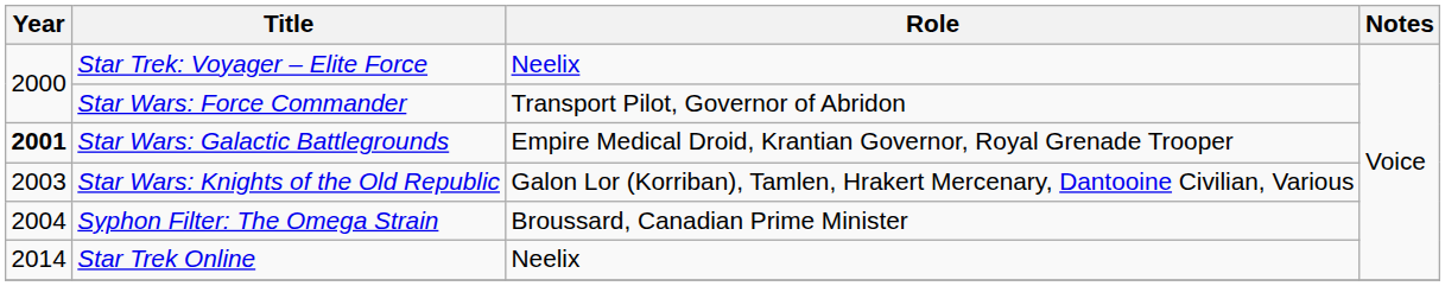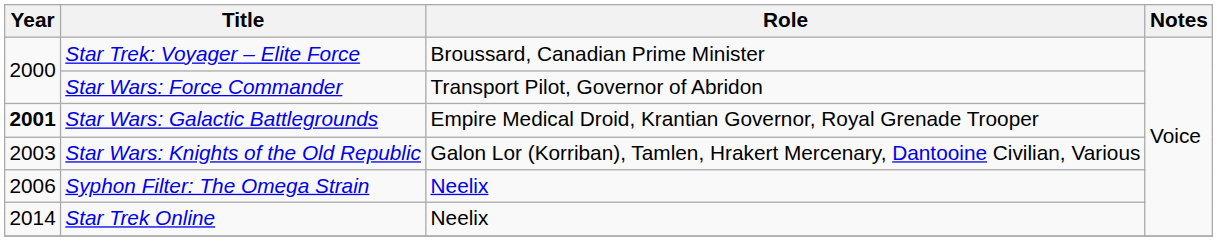 <table class="wikitable sortable">
 <tr>
 <th>Year</th>
 <th>Title</th>
 <th>Role</th>
 <th>Notes</th>
 </tr>
 <tr>
 <td rowspan="2">2000</td>
 <td><em><a href='#'>Star Trek: Voyager – Elite Force</a></em></td>
-<td><a href='#'>Neelix</a></td>
+<td>Broussard, Canadian Prime Minister</td>
 <td rowspan="6">Voice</td>
 </tr>
 <tr>
 <td><em><a href='#'>Star Wars: Force Commander</a></em></td>
 <td>Transport Pilot, Governor of Abridon</td>
 </tr>
 <tr>
 <td><strong>2001</strong></td>
 <td><em><a href='#'>Star Wars: Galactic Battlegrounds</a></em></td>
 <td>Empire Medical Droid, Krantian Governor, Royal Grenade Trooper</td>
 </tr>
 <tr>
 <td>2003</td>
 <td><em><a href='#'>Star Wars: Knights of the Old Republic</a></em></td>
 <td>Galon Lor (Korriban), Tamlen, Hrakert Mercenary, <a href='#'>Dantooine</a> Civilian, Various</td>
 </tr>
 <tr>
-<td>2004</td>
+<td>2006</td>
 <td><em><a href='#'>Syphon Filter: The Omega Strain</a></em></td>
-<td>Broussard, Canadian Prime Minister</td>
+<td><a href='#'>Neelix</a></td>
 </tr>
 <tr>
 <td>2014</td>
 <td><em><a href='#'>Star Trek Online</a></em></td>
 <td>Neelix</td>
 </tr>
 <tr>
 </tr>
 </table>
